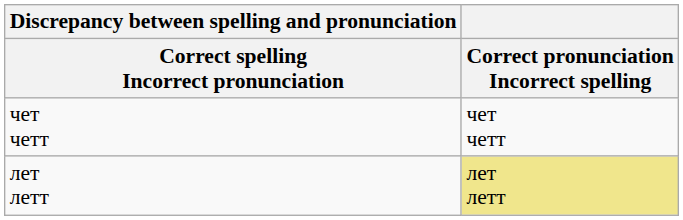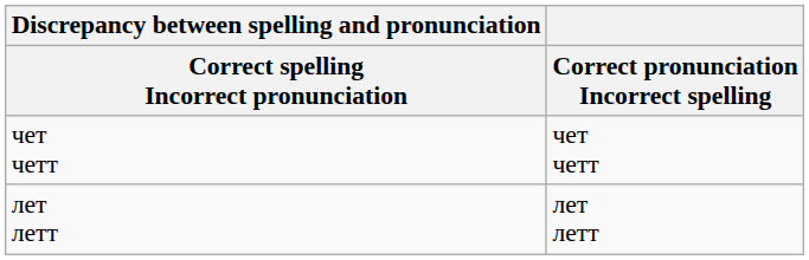 <table class="wikitable">
 <tr>
 <th>Discrepancy between spelling and pronunciation</th>
 <th></th>
 </tr>
 <tr>
 <th>Correct spelling<br>Incorrect pronunciation</th>
 <th>Correct pronunciation<br>Incorrect spelling</th>
 </tr>
 <tr>
 <td>чет<br>четт</td>
 <td>чет<br>четт</td>
 </tr>
 <tr>
 <td>лет<br>летт</td>
-<td style="background: khaki;">лет<br>летт</td>
+<td>лет<br>летт</td>
 </tr>
 </table>
